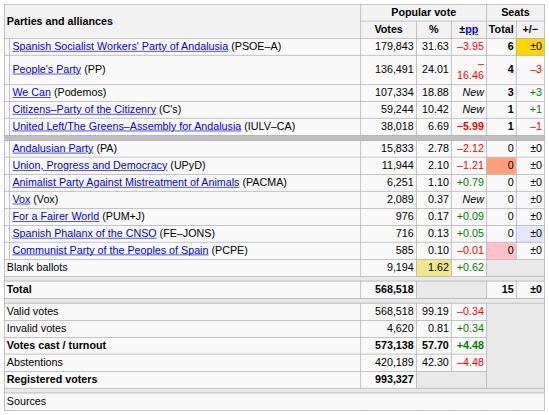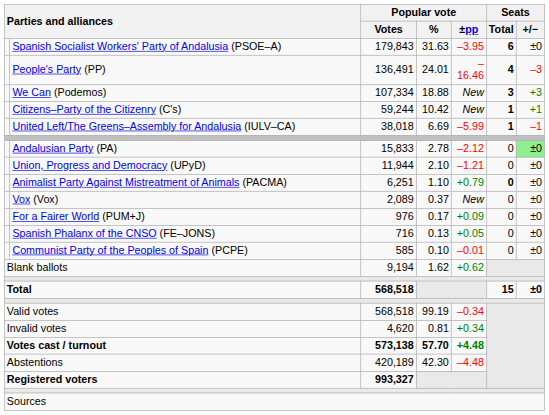 <table class="wikitable" style="text-align:right;">
 <tr>
 <th style="text-align:left;" rowspan="2" colspan="2" width="525">Parties and alliances</th>
 <th colspan="3">Popular vote</th>
 <th colspan="2">Seats</th>
 </tr>
 <tr>
 <th width="75">Votes</th>
 <th width="45">%</th>
 <th width="45">±<a href='#'>pp</a></th>
 <th width="35">Total</th>
 <th width="35">+/−</th>
 </tr>
 <tr>
 <td width="1" style="color:inherit;background:"></td>
 <td align="left"><a href='#'>Spanish Socialist Workers' Party of Andalusia</a> (PSOE–A)</td>
 <td>179,843</td>
 <td>31.63</td>
 <td style="color:red;">–3.95</td>
 <td><strong>6</strong></td>
-<td style="background: gold;">±0</td>
+<td>±0</td>
 </tr>
 <tr>
 <td style="color:inherit;background:"></td>
 <td align="left"><a href='#'>People's Party</a> (PP)</td>
 <td>136,491</td>
 <td>24.01</td>
 <td style="color:red;">–16.46</td>
 <td><strong>4</strong></td>
 <td style="color:red;">–3</td>
 </tr>
 <tr>
 <td style="color:inherit;background:"></td>
 <td align="left"><a href='#'>We Can</a> (Podemos)</td>
 <td>107,334</td>
 <td>18.88</td>
 <td><em>New</em></td>
 <td><strong>3</strong></td>
 <td style="color:green;">+3</td>
 </tr>
 <tr>
 <td style="color:inherit;background:"></td>
 <td align="left"><a href='#'>Citizens–Party of the Citizenry</a> (C's)</td>
 <td>59,244</td>
 <td>10.42</td>
 <td><em>New</em></td>
 <td><strong>1</strong></td>
 <td style="color:green;">+1</td>
 </tr>
 <tr>
 <td style="color:inherit;background:"></td>
 <td align="left"><a href='#'>United Left/The Greens–Assembly for Andalusia</a> (IULV–CA)</td>
 <td>38,018</td>
 <td>6.69</td>
-<td style="color:red;"><strong>–5.99</strong></td>
+<td style="color:red;">–5.99</td>
 <td><strong>1</strong></td>
 <td style="color:red;">–1</td>
 </tr>
 <tr>
 <td colspan="7" bgcolor="#C0C0C0"></td>
 </tr>
 <tr>
 <td style="color:inherit;background:"></td>
 <td align="left"><a href='#'>Andalusian Party</a> (PA)</td>
 <td>15,833</td>
 <td>2.78</td>
 <td style="color:red;">–2.12</td>
 <td>0</td>
-<td>±0</td>
+<td style="background: lightgreen;">±0</td>
 </tr>
 <tr>
 <td style="color:inherit;background:"></td>
 <td align="left"><a href='#'>Union, Progress and Democracy</a> (UPyD)</td>
 <td>11,944</td>
 <td>2.10</td>
 <td style="color:red;">–1.21</td>
-<td style="background: lightsalmon;">0</td>
+<td>0</td>
 <td>±0</td>
 </tr>
 <tr>
 <td style="color:inherit;background:"></td>
 <td align="left"><a href='#'>Animalist Party Against Mistreatment of Animals</a> (PACMA)</td>
 <td>6,251</td>
 <td>1.10</td>
 <td style="color:green;">+0.79</td>
-<td>0</td>
+<td><strong>0</strong></td>
 <td>±0</td>
 </tr>
 <tr>
 <td style="color:inherit;background:"></td>
 <td align="left"><a href='#'>Vox</a> (Vox)</td>
 <td>2,089</td>
 <td>0.37</td>
 <td><em>New</em></td>
 <td>0</td>
 <td>±0</td>
 </tr>
 <tr>
 <td style="color:inherit;background:"></td>
 <td align="left"><a href='#'>For a Fairer World</a> (PUM+J)</td>
 <td>976</td>
 <td>0.17</td>
 <td style="color:green;">+0.09</td>
 <td>0</td>
 <td>±0</td>
 </tr>
 <tr>
 <td style="color:inherit;background:"></td>
 <td align="left"><a href='#'>Spanish Phalanx of the CNSO</a> (FE–JONS)</td>
 <td>716</td>
 <td>0.13</td>
 <td style="color:green;">+0.05</td>
 <td>0</td>
-<td style="background: lavender;">±0</td>
+<td>±0</td>
 </tr>
 <tr>
 <td style="color:inherit;background:"></td>
 <td align="left"><a href='#'>Communist Party of the Peoples of Spain</a> (PCPE)</td>
 <td>585</td>
 <td>0.10</td>
 <td style="color:red;">–0.01</td>
-<td style="background: pink;">0</td>
+<td>0</td>
 <td>±0</td>
 </tr>
 <tr>
 <td align="left" colspan="2">Blank ballots</td>
 <td>9,194</td>
-<td style="background: khaki;">1.62</td>
+<td>1.62</td>
 <td style="color:green;">+0.62</td>
 <td bgcolor="#E9E9E9" colspan="2"></td>
 </tr>
 <tr>
 <td colspan="7" bgcolor="#E9E9E9"></td>
 </tr>
 <tr style="font-weight:bold;">
 <td align="left" colspan="2">Total</td>
 <td>568,518</td>
 <td bgcolor="#E9E9E9" colspan="2"></td>
 <td>15</td>
 <td>±0</td>
 </tr>
 <tr>
 <td colspan="7" bgcolor="#E9E9E9"></td>
 </tr>
 <tr>
 <td align="left" colspan="2">Valid votes</td>
 <td>568,518</td>
 <td>99.19</td>
 <td style="color:red;">–0.34</td>
 <td bgcolor="#E9E9E9" colspan="2" rowspan="5"></td>
 </tr>
 <tr>
 <td align="left" colspan="2">Invalid votes</td>
 <td>4,620</td>
 <td>0.81</td>
 <td style="color:green;">+0.34</td>
 </tr>
 <tr style="font-weight:bold;">
 <td align="left" colspan="2">Votes cast / turnout</td>
 <td>573,138</td>
 <td>57.70</td>
 <td style="color:green;">+4.48</td>
 </tr>
 <tr>
 <td align="left" colspan="2">Abstentions</td>
 <td>420,189</td>
 <td>42.30</td>
 <td style="color:red;">–4.48</td>
 </tr>
 <tr style="font-weight:bold;">
 <td align="left" colspan="2">Registered voters</td>
 <td>993,327</td>
 <td style="background:#e9e9e9;" colspan="2"></td>
 </tr>
 <tr>
 <td colspan="7" bgcolor="#E9E9E9"></td>
 </tr>
 <tr>
 <td align="left" colspan="7">Sources</td>
 </tr>
 </table>
